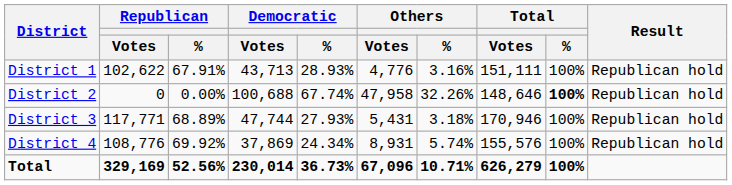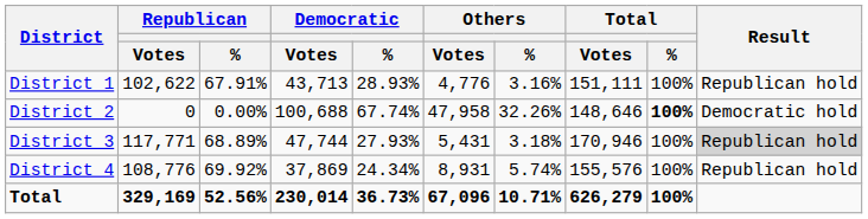 <table class="wikitable plainrowheaders sortable" style="font-size:100%; text-align:right;">
 <tr>
 <th scope=col rowspan=3><a href='#'>District</a></th>
 <th scope=col colspan=2><a href='#'>Republican</a></th>
 <th scope=col colspan=2><a href='#'>Democratic</a></th>
 <th scope=col colspan=2>Others</th>
 <th scope=col colspan=2>Total</th>
 <th scope=col rowspan=3>Result</th>
 </tr>
 <tr>
 <th scope=col colspan=2 style="background:"></th>
 <th scope=col colspan=2 style="background:"></th>
 <th scope=col colspan=2></th>
 <th scope=col colspan=2></th>
 </tr>
 <tr>
 <th scope=col data-sort-type="number">Votes</th>
 <th scope=col data-sort-type="number">%</th>
 <th scope=col data-sort-type="number">Votes</th>
 <th scope=col data-sort-type="number">%</th>
 <th scope=col data-sort-type="number">Votes</th>
 <th scope=col data-sort-type="number">%</th>
 <th scope=col data-sort-type="number">Votes</th>
 <th scope=col data-sort-type="number">%</th>
 </tr>
 <tr>
 <td align=left><a href='#'>District 1</a></td>
 <td>102,622</td>
 <td>67.91%</td>
 <td>43,713</td>
 <td>28.93%</td>
 <td>4,776</td>
 <td>3.16%</td>
 <td>151,111</td>
 <td>100%</td>
 <td align=left>Republican hold</td>
 </tr>
 <tr>
 <td align=left><a href='#'>District 2</a></td>
 <td>0</td>
 <td>0.00%</td>
 <td>100,688</td>
 <td>67.74%</td>
 <td>47,958</td>
 <td>32.26%</td>
 <td>148,646</td>
 <td><strong>100%</strong></td>
-<td align=left>Republican hold</td>
+<td align=left>Democratic hold</td>
 </tr>
 <tr>
 <td align=left><a href='#'>District 3</a></td>
 <td>117,771</td>
 <td>68.89%</td>
 <td>47,744</td>
 <td>27.93%</td>
 <td>5,431</td>
 <td>3.18%</td>
 <td>170,946</td>
 <td>100%</td>
-<td align=left>Republican hold</td>
+<td align=left style="background: lightgrey;">Republican hold</td>
 </tr>
 <tr>
 <td align=left><a href='#'>District 4</a></td>
 <td>108,776</td>
 <td>69.92%</td>
 <td>37,869</td>
 <td>24.34%</td>
 <td>8,931</td>
 <td>5.74%</td>
 <td>155,576</td>
 <td>100%</td>
 <td align=left>Republican hold</td>
 </tr>
 <tr class="sortbottom" style="font-weight:bold">
 <td align=left>Total</td>
 <td>329,169</td>
 <td>52.56%</td>
 <td>230,014</td>
 <td>36.73%</td>
 <td>67,096</td>
 <td>10.71%</td>
 <td>626,279</td>
 <td>100%</td>
 <td></td>
 </tr>
 </table>
